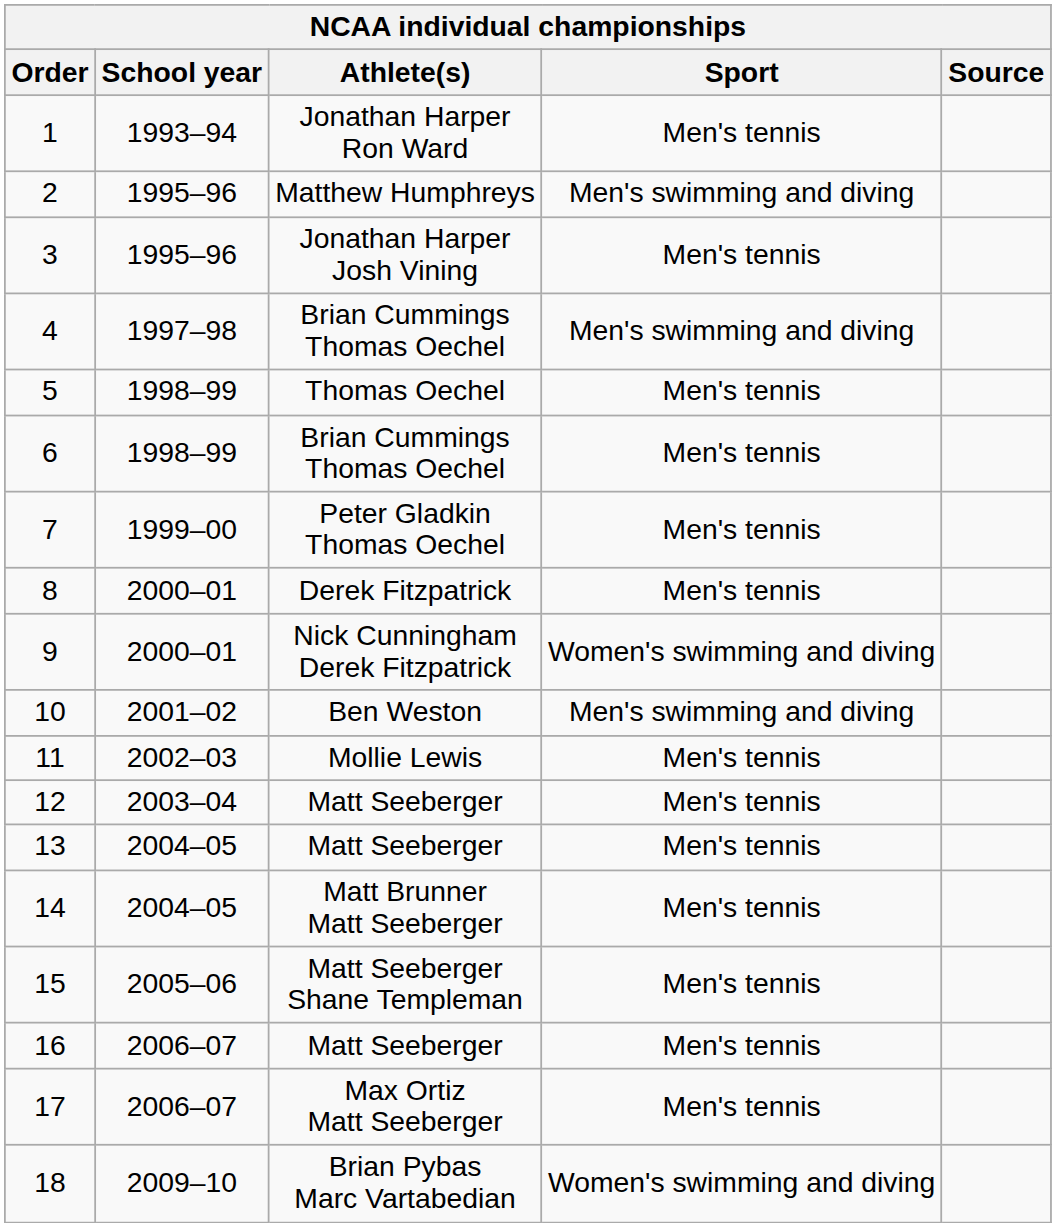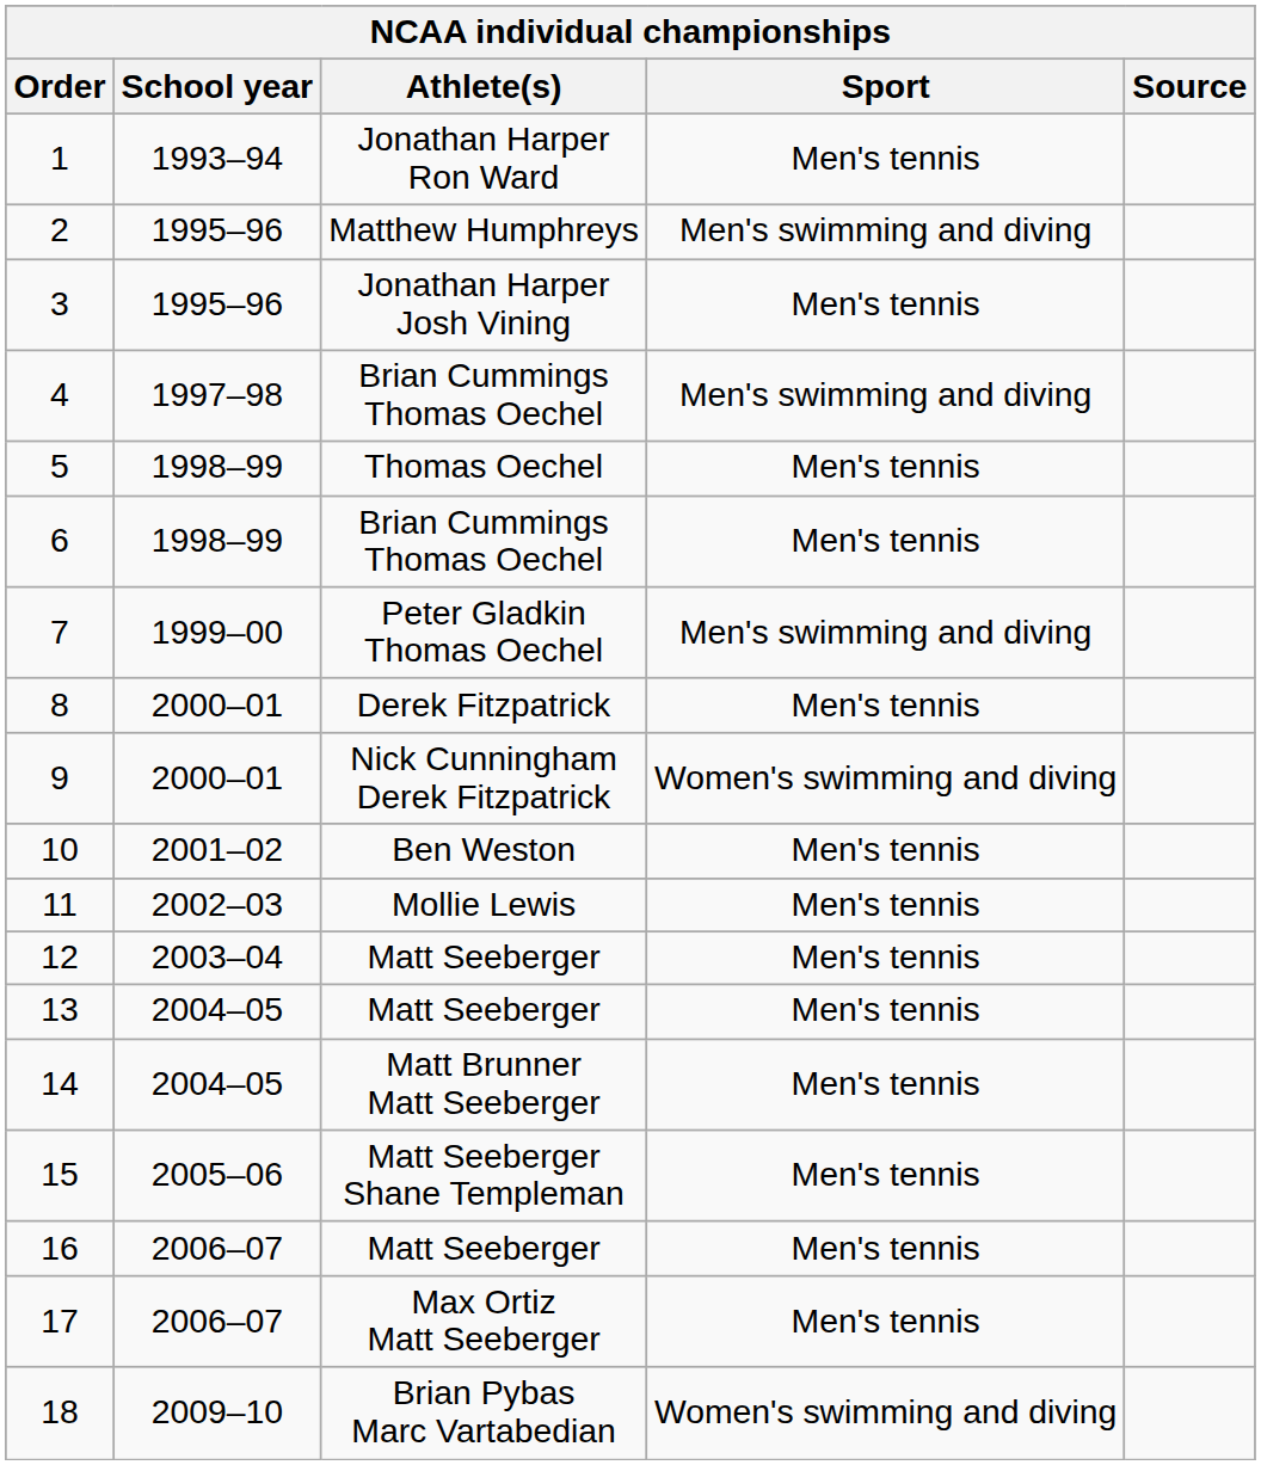 <table class="wikitable sortable" style="text-align:center">
 <tr align="center">
 <th colspan=5>NCAA individual championships</th>
 </tr>
 <tr>
 <th>Order</th>
 <th>School year</th>
 <th>Athlete(s)</th>
 <th>Sport</th>
 <th>Source</th>
 </tr>
 <tr align="center" bgcolor="">
 <td>1</td>
 <td>1993–94</td>
 <td>Jonathan Harper<br>Ron Ward</td>
 <td>Men's tennis</td>
 <td></td>
 </tr>
 <tr align="center" bgcolor="">
 <td>2</td>
 <td>1995–96</td>
 <td>Matthew Humphreys</td>
 <td>Men's swimming and diving</td>
 <td></td>
 </tr>
 <tr align="center" bgcolor="">
 <td>3</td>
 <td>1995–96</td>
 <td>Jonathan Harper<br>Josh Vining</td>
 <td>Men's tennis</td>
 <td></td>
 </tr>
 <tr align="center" bgcolor="">
 <td>4</td>
 <td>1997–98</td>
 <td>Brian Cummings<br>Thomas Oechel</td>
 <td>Men's swimming and diving</td>
 <td></td>
 </tr>
 <tr align="center" bgcolor="">
 <td>5</td>
 <td>1998–99</td>
 <td>Thomas Oechel</td>
 <td>Men's tennis</td>
 <td></td>
 </tr>
 <tr align="center" bgcolor="">
 <td>6</td>
 <td>1998–99</td>
 <td>Brian Cummings<br>Thomas Oechel</td>
 <td>Men's tennis</td>
 <td></td>
 </tr>
 <tr align="center" bgcolor="">
 <td>7</td>
 <td>1999–00</td>
 <td>Peter Gladkin<br>Thomas Oechel</td>
-<td>Men's tennis</td>
+<td>Men's swimming and diving</td>
 <td></td>
 </tr>
 <tr align="center" bgcolor="">
 <td>8</td>
 <td>2000–01</td>
 <td>Derek Fitzpatrick</td>
 <td>Men's tennis</td>
 <td></td>
 </tr>
 <tr align="center" bgcolor="">
 <td>9</td>
 <td>2000–01</td>
 <td>Nick Cunningham<br>Derek Fitzpatrick</td>
 <td>Women's swimming and diving</td>
 <td></td>
 </tr>
 <tr align="center" bgcolor="">
 <td>10</td>
 <td>2001–02</td>
 <td>Ben Weston</td>
-<td>Men's swimming and diving</td>
+<td>Men's tennis</td>
 <td></td>
 </tr>
 <tr align="center" bgcolor="">
 <td>11</td>
 <td>2002–03</td>
 <td>Mollie Lewis</td>
 <td>Men's tennis</td>
 <td></td>
 </tr>
 <tr align="center" bgcolor="">
 <td>12</td>
 <td>2003–04</td>
 <td>Matt Seeberger</td>
 <td>Men's tennis</td>
 <td></td>
 </tr>
 <tr align="center" bgcolor="">
 <td>13</td>
 <td>2004–05</td>
 <td>Matt Seeberger</td>
 <td>Men's tennis</td>
 <td></td>
 </tr>
 <tr align="center" bgcolor="">
 <td>14</td>
 <td>2004–05</td>
 <td>Matt Brunner<br>Matt Seeberger</td>
 <td>Men's tennis</td>
 <td></td>
 </tr>
 <tr align="center" bgcolor="">
 <td>15</td>
 <td>2005–06</td>
 <td>Matt Seeberger<br>Shane Templeman</td>
 <td>Men's tennis</td>
 <td></td>
 </tr>
 <tr align="center" bgcolor="">
 <td>16</td>
 <td>2006–07</td>
 <td>Matt Seeberger</td>
 <td>Men's tennis</td>
 <td></td>
 </tr>
 <tr align="center" bgcolor="">
 <td>17</td>
 <td>2006–07</td>
 <td>Max Ortiz<br>Matt Seeberger</td>
 <td>Men's tennis</td>
 <td></td>
 </tr>
 <tr align="center" bgcolor="">
 <td>18</td>
 <td>2009–10</td>
 <td>Brian Pybas<br>Marc Vartabedian</td>
 <td>Women's swimming and diving</td>
 <td></td>
 </tr>
 </table>
